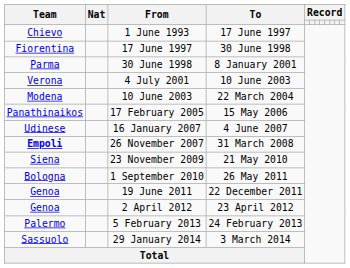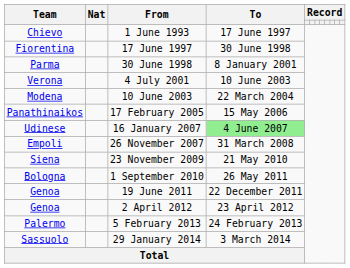 <table class="wikitable" style="text-align: center">
 <tr>
 <th rowspan="2">Team</th>
 <th rowspan="2">Nat</th>
 <th rowspan="2">From</th>
 <th rowspan="2">To</th>
 <th colspan="8">Record</th>
 </tr>
 <tr>
 <th></th>
 <th></th>
 <th></th>
 <th></th>
 <th></th>
 <th></th>
 <th></th>
 <th></th>
 </tr>
 <tr>
 <td><a href='#'>Chievo</a></td>
 <td></td>
 <td>1 June 1993</td>
 <td>17 June 1997<br></td>
 </tr>
 <tr>
 <td><a href='#'>Fiorentina</a></td>
 <td></td>
 <td>17 June 1997</td>
 <td>30 June 1998<br></td>
 </tr>
 <tr>
 <td><a href='#'>Parma</a></td>
 <td></td>
 <td>30 June 1998</td>
 <td>8 January 2001<br></td>
 </tr>
 <tr>
 <td><a href='#'>Verona</a></td>
 <td></td>
 <td>4 July 2001</td>
 <td>10 June 2003<br></td>
 </tr>
 <tr>
 <td><a href='#'>Modena</a></td>
 <td></td>
 <td>10 June 2003</td>
 <td>22 March 2004<br></td>
 </tr>
 <tr>
 <td><a href='#'>Panathinaikos</a></td>
 <td></td>
 <td>17 February 2005</td>
 <td>15 May 2006<br></td>
 </tr>
 <tr>
 <td><a href='#'>Udinese</a></td>
 <td></td>
 <td>16 January 2007</td>
-<td>4 June 2007<br></td>
+<td style="background: lightgreen;">4 June 2007<br></td>
 </tr>
 <tr>
-<td><strong><a href='#'>Empoli</a></strong></td>
+<td><a href='#'>Empoli</a></td>
 <td></td>
 <td>26 November 2007</td>
 <td>31 March 2008<br></td>
 </tr>
 <tr>
 <td><a href='#'>Siena</a></td>
 <td></td>
 <td>23 November 2009</td>
 <td>21 May 2010<br></td>
 </tr>
 <tr>
 <td><a href='#'>Bologna</a></td>
 <td></td>
 <td>1 September 2010</td>
 <td>26 May 2011<br></td>
 </tr>
 <tr>
 <td><a href='#'>Genoa</a></td>
 <td></td>
 <td>19 June 2011</td>
 <td>22 December 2011<br></td>
 </tr>
 <tr>
 <td><a href='#'>Genoa</a></td>
 <td></td>
 <td>2 April 2012</td>
 <td>23 April 2012<br></td>
 </tr>
 <tr>
 <td><a href='#'>Palermo</a></td>
 <td></td>
 <td>5 February 2013</td>
 <td>24 February 2013<br></td>
 </tr>
 <tr>
 <td><a href='#'>Sassuolo</a></td>
 <td></td>
 <td>29 January 2014</td>
 <td>3 March 2014<br></td>
 </tr>
 <tr>
 <th colspan=4>Total<br></th>
 </tr>
 </table>
